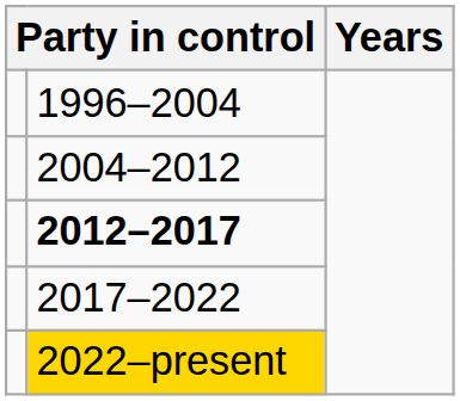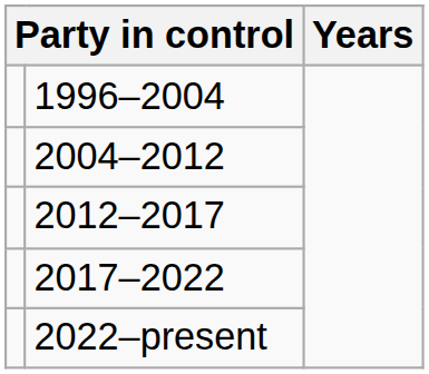 <table class="wikitable">
 <tr>
 <th colspan="2">Party in control</th>
 <th>Years</th>
 </tr>
 <tr>
 <td></td>
 <td>1996–2004</td>
 </tr>
 <tr>
 <td></td>
 <td>2004–2012</td>
 </tr>
 <tr>
 <td></td>
-<td><strong>2012–2017</strong></td>
+<td>2012–2017</td>
 </tr>
 <tr>
 <td></td>
 <td>2017–2022</td>
 </tr>
 <tr>
 <td></td>
-<td style="background: gold;">2022–present</td>
+<td>2022–present</td>
 </tr>
 </table>
